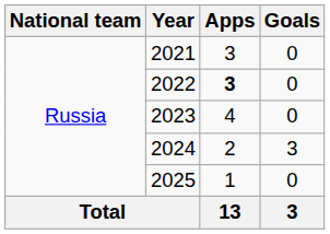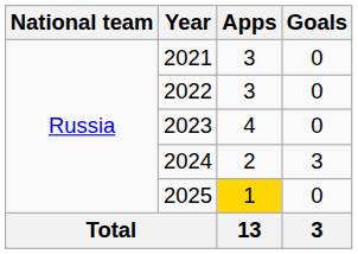 <table class="wikitable" style="text-align:center">
 <tr>
 <th>National team</th>
 <th>Year</th>
 <th>Apps</th>
 <th>Goals</th>
 </tr>
 <tr>
 <td rowspan="5"><a href='#'>Russia</a></td>
 <td>2021</td>
 <td>3</td>
 <td>0</td>
 </tr>
 <tr>
 <td>2022</td>
-<td><strong>3</strong></td>
+<td>3</td>
 <td>0</td>
 </tr>
 <tr>
 <td>2023</td>
 <td>4</td>
 <td>0</td>
 </tr>
 <tr>
 <td>2024</td>
 <td>2</td>
 <td>3</td>
 </tr>
 <tr>
 <td>2025</td>
-<td>1</td>
+<td style="background: gold;">1</td>
 <td>0</td>
 </tr>
 <tr>
 <th colspan="2">Total</th>
 <th>13</th>
 <th>3</th>
 </tr>
 </table>
